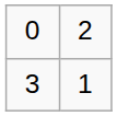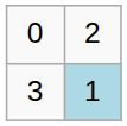 <table class="wikitable" style="margin-left:auto;margin-right:auto;text-align:center;width:4em;height:4em;table-layout:fixed;">
 <tr>
 <td>0</td>
 <td>2</td>
 </tr>
 <tr>
 <td>3</td>
-<td>1</td>
+<td style="background: lightblue;">1</td>
 </tr>
 </table>
